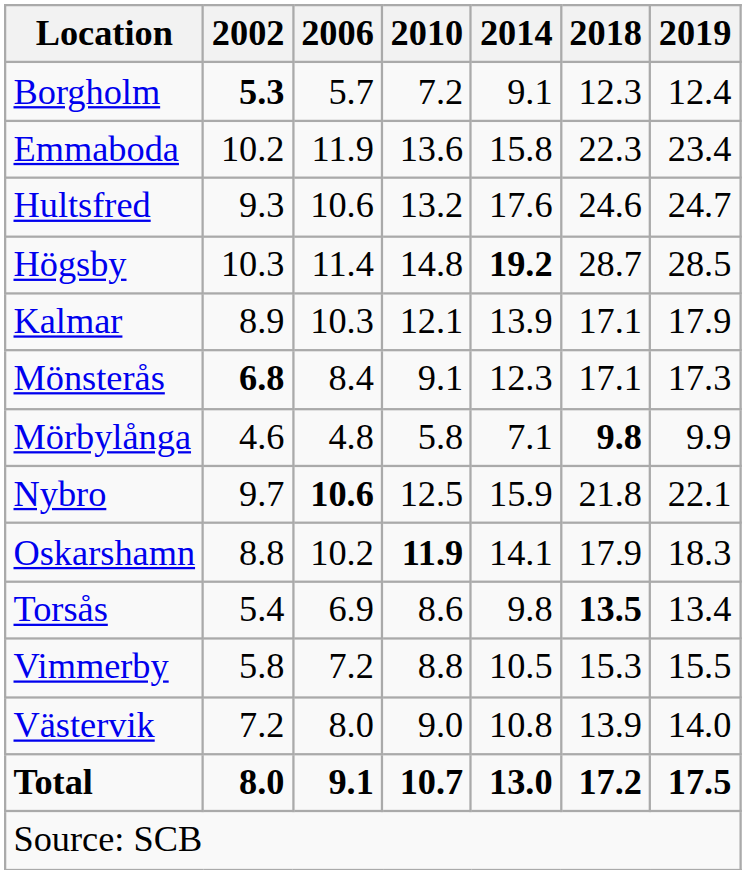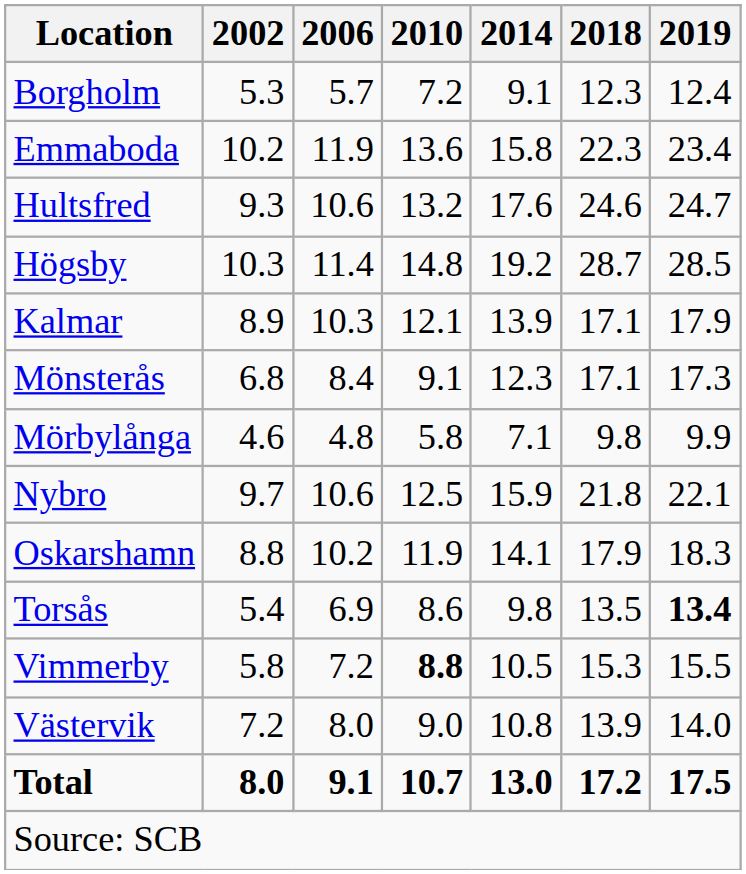 <table class="wikitable sortable" style=text-align:right>
 <tr>
 <th>Location</th>
 <th>2002</th>
 <th>2006</th>
 <th>2010</th>
 <th>2014</th>
 <th>2018</th>
 <th>2019</th>
 </tr>
 <tr>
 <td align=left><a href='#'>Borgholm</a></td>
-<td><strong>5.3</strong></td>
+<td>5.3</td>
 <td>5.7</td>
 <td>7.2</td>
 <td>9.1</td>
 <td>12.3</td>
 <td>12.4</td>
 </tr>
 <tr>
 <td align=left><a href='#'>Emmaboda</a></td>
 <td>10.2</td>
 <td>11.9</td>
 <td>13.6</td>
 <td>15.8</td>
 <td>22.3</td>
 <td>23.4</td>
 </tr>
 <tr>
 <td align=left><a href='#'>Hultsfred</a></td>
 <td>9.3</td>
 <td>10.6</td>
 <td>13.2</td>
 <td>17.6</td>
 <td>24.6</td>
 <td>24.7</td>
 </tr>
 <tr>
 <td align=left><a href='#'>Högsby</a></td>
 <td>10.3</td>
 <td>11.4</td>
 <td>14.8</td>
-<td><strong>19.2</strong></td>
+<td>19.2</td>
 <td>28.7</td>
 <td>28.5</td>
 </tr>
 <tr>
 <td align=left><a href='#'>Kalmar</a></td>
 <td>8.9</td>
 <td>10.3</td>
 <td>12.1</td>
 <td>13.9</td>
 <td>17.1</td>
 <td>17.9</td>
 </tr>
 <tr>
 <td align=left><a href='#'>Mönsterås</a></td>
-<td><strong>6.8</strong></td>
+<td>6.8</td>
 <td>8.4</td>
 <td>9.1</td>
 <td>12.3</td>
 <td>17.1</td>
 <td>17.3</td>
 </tr>
 <tr>
 <td align=left><a href='#'>Mörbylånga</a></td>
 <td>4.6</td>
 <td>4.8</td>
 <td>5.8</td>
 <td>7.1</td>
-<td><strong>9.8</strong></td>
+<td>9.8</td>
 <td>9.9</td>
 </tr>
 <tr>
 <td align=left><a href='#'>Nybro</a></td>
 <td>9.7</td>
-<td><strong>10.6</strong></td>
+<td>10.6</td>
 <td>12.5</td>
 <td>15.9</td>
 <td>21.8</td>
 <td>22.1</td>
 </tr>
 <tr>
 <td align=left><a href='#'>Oskarshamn</a></td>
 <td>8.8</td>
 <td>10.2</td>
-<td><strong>11.9</strong></td>
+<td>11.9</td>
 <td>14.1</td>
 <td>17.9</td>
 <td>18.3</td>
 </tr>
 <tr>
 <td align=left><a href='#'>Torsås</a></td>
 <td>5.4</td>
 <td>6.9</td>
 <td>8.6</td>
 <td>9.8</td>
-<td><strong>13.5</strong></td>
-<td>13.4</td>
+<td>13.5</td>
+<td><strong>13.4</strong></td>
 </tr>
 <tr>
 <td align=left><a href='#'>Vimmerby</a></td>
 <td>5.8</td>
 <td>7.2</td>
-<td>8.8</td>
+<td><strong>8.8</strong></td>
 <td>10.5</td>
 <td>15.3</td>
 <td>15.5</td>
 </tr>
 <tr>
 <td align=left><a href='#'>Västervik</a></td>
 <td>7.2</td>
 <td>8.0</td>
 <td>9.0</td>
 <td>10.8</td>
 <td>13.9</td>
 <td>14.0</td>
 </tr>
 <tr>
 <td align=left><strong>Total</strong></td>
 <td><strong>8.0</strong></td>
 <td><strong>9.1</strong></td>
 <td><strong>10.7</strong></td>
 <td><strong>13.0</strong></td>
 <td><strong>17.2</strong></td>
 <td><strong>17.5</strong></td>
 </tr>
 <tr>
 <td align=left colspan=7>Source: SCB </td>
 </tr>
 </table>
